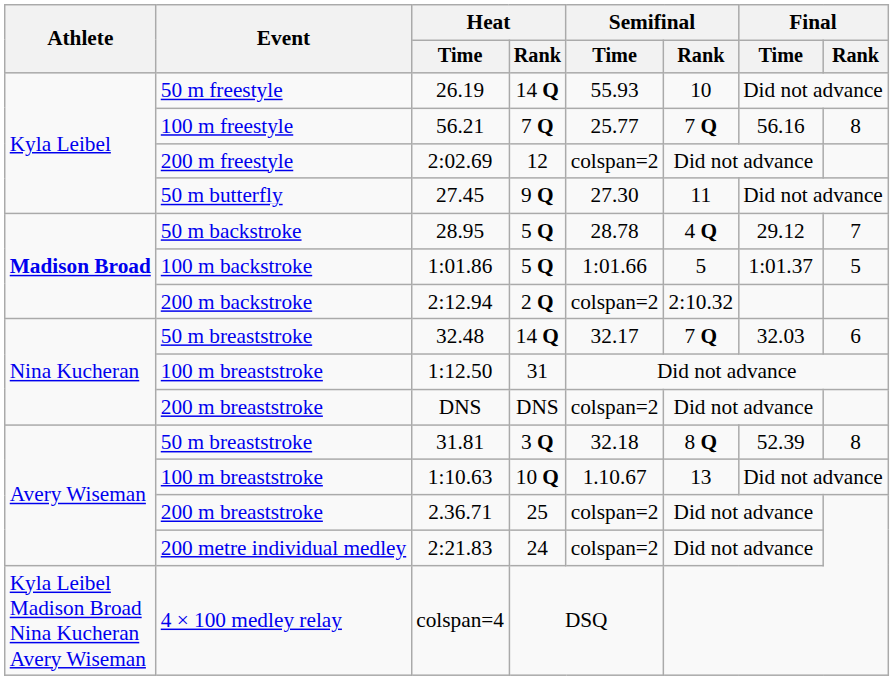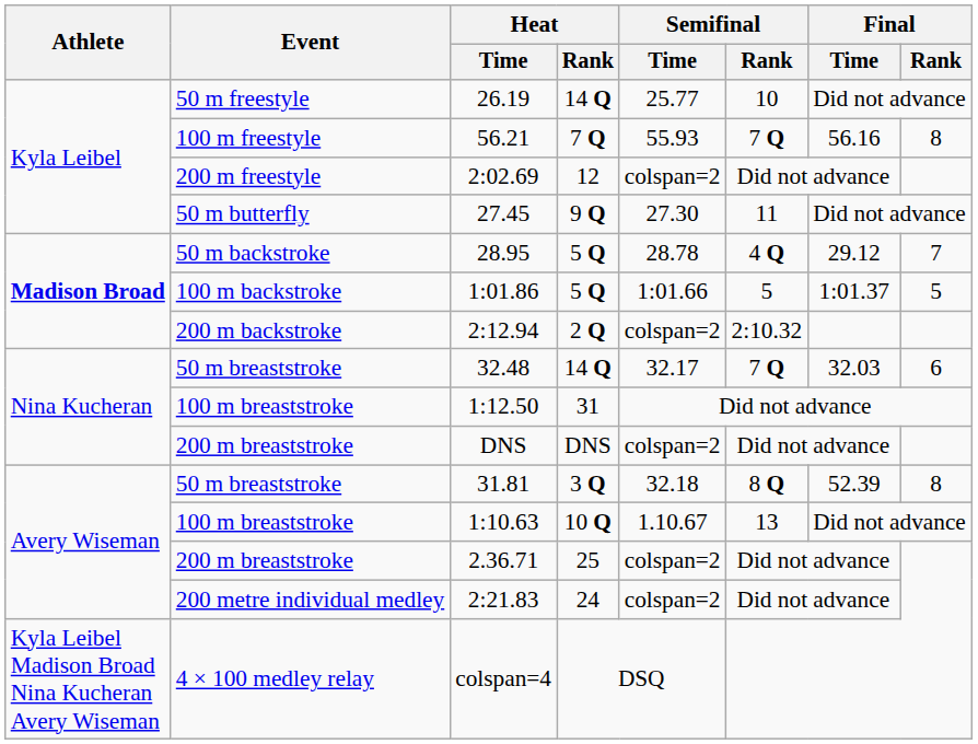 <table class=wikitable style="font-size:90%">
 <tr>
 <th rowspan=2>Athlete</th>
 <th rowspan=2>Event</th>
 <th colspan="2">Heat</th>
 <th colspan="2">Semifinal</th>
 <th colspan="2">Final</th>
 </tr>
 <tr style="font-size:95%">
 <th>Time</th>
 <th>Rank</th>
 <th>Time</th>
 <th>Rank</th>
 <th>Time</th>
 <th>Rank</th>
 </tr>
 <tr align=center>
 <td align=left rowspan=4><a href='#'>Kyla Leibel</a></td>
 <td align=left><a href='#'>50 m freestyle</a></td>
 <td>26.19</td>
 <td>14 <strong>Q</strong></td>
-<td>55.93</td>
+<td>25.77</td>
 <td>10</td>
 <td colspan=2>Did not advance</td>
 </tr>
 <tr align=center>
 <td align=left><a href='#'>100 m freestyle</a></td>
 <td>56.21</td>
 <td>7 <strong>Q</strong></td>
-<td>25.77</td>
+<td>55.93</td>
 <td>7 <strong>Q</strong></td>
 <td>56.16</td>
 <td>8</td>
 </tr>
 <tr align=center>
 <td align=left><a href='#'>200 m freestyle</a></td>
 <td>2:02.69</td>
 <td>12</td>
 <td>colspan=2 </td>
 <td colspan=2>Did not advance</td>
 </tr>
 <tr align=center>
 <td align=left><a href='#'>50 m butterfly</a></td>
 <td>27.45</td>
 <td>9 <strong>Q</strong></td>
 <td>27.30</td>
 <td>11</td>
 <td colspan=2>Did not advance</td>
 </tr>
 <tr align=center>
 <td align=left rowspan=3><strong><a href='#'>Madison Broad</a></strong></td>
 <td align=left><a href='#'>50 m backstroke</a></td>
 <td>28.95</td>
 <td>5 <strong>Q</strong></td>
 <td>28.78</td>
 <td>4 <strong>Q</strong></td>
 <td>29.12</td>
 <td>7</td>
 </tr>
 <tr align=center>
 <td align=left><a href='#'>100 m backstroke</a></td>
 <td>1:01.86</td>
 <td>5 <strong>Q</strong></td>
 <td>1:01.66</td>
 <td>5</td>
 <td>1:01.37</td>
 <td>5</td>
 </tr>
 <tr align=center>
 <td align=left><a href='#'>200 m backstroke</a></td>
 <td>2:12.94</td>
 <td>2 <strong>Q</strong></td>
 <td>colspan=2 </td>
 <td>2:10.32</td>
 <td></td>
 </tr>
 <tr align=center>
 <td align=left rowspan=3><a href='#'>Nina Kucheran</a></td>
 <td align=left><a href='#'>50 m breaststroke</a></td>
 <td>32.48</td>
 <td>14 <strong>Q</strong></td>
 <td>32.17</td>
 <td>7 <strong>Q</strong></td>
 <td>32.03</td>
 <td>6</td>
 </tr>
 <tr align=center>
 <td align=left><a href='#'>100 m breaststroke</a></td>
 <td>1:12.50</td>
 <td>31</td>
 <td colspan=4>Did not advance</td>
 </tr>
 <tr align=center>
 <td align=left><a href='#'>200 m breaststroke</a></td>
 <td>DNS</td>
 <td>DNS</td>
 <td>colspan=2 </td>
 <td colspan=2>Did not advance</td>
 </tr>
 <tr align=center>
 <td align=left rowspan=4><a href='#'>Avery Wiseman</a></td>
 <td align=left><a href='#'>50 m breaststroke</a></td>
 <td>31.81</td>
 <td>3 <strong>Q</strong></td>
 <td>32.18</td>
 <td>8 <strong>Q</strong></td>
 <td>52.39</td>
 <td>8</td>
 </tr>
 <tr align=center>
 <td align=left><a href='#'>100 m breaststroke</a></td>
 <td>1:10.63</td>
 <td>10 <strong>Q</strong></td>
 <td>1.10.67</td>
 <td>13</td>
 <td colspan=2>Did not advance</td>
 </tr>
 <tr align=center>
 <td align=left><a href='#'>200 m breaststroke</a></td>
 <td>2.36.71</td>
 <td>25</td>
 <td>colspan=2 </td>
 <td colspan=2>Did not advance</td>
 </tr>
 <tr align=center>
 <td align=left><a href='#'>200 metre individual medley</a></td>
 <td>2:21.83</td>
 <td>24</td>
 <td>colspan=2 </td>
 <td colspan=2>Did not advance</td>
 </tr>
 <tr align=center>
 <td align=left><a href='#'>Kyla Leibel</a><br><a href='#'>Madison Broad</a><br><a href='#'>Nina Kucheran</a><br><a href='#'>Avery Wiseman</a></td>
 <td align=left><a href='#'>4 × 100 medley relay</a></td>
 <td>colspan=4 </td>
 <td colspan=2>DSQ</td>
 </tr>
 </table>
